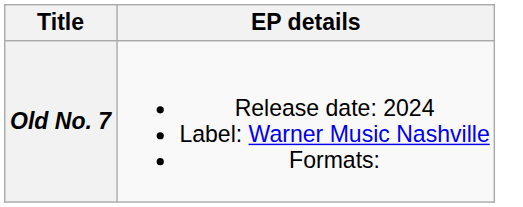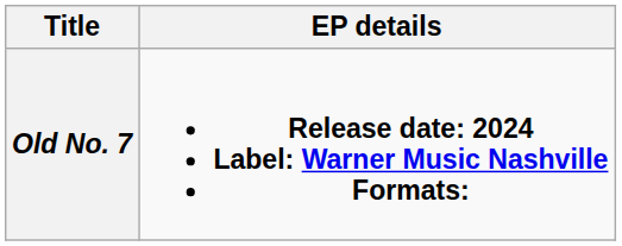 <table class="wikitable plainrowheaders" style="text-align:center;">
 <tr>
 <th scope="col">Title</th>
 <th scope="col">EP details</th>
 </tr>
 <tr>
 <th scope="row"><em>Old No. 7</em></th>
-<td><br><ul><li>Release date: 2024</li><li>Label: <a href='#'>Warner Music Nashville</a></li><li>Formats:</li></ul></td>
+<td><strong><br><ul><li>Release date: 2024</li><li>Label: <a href='#'>Warner Music Nashville</a></li><li>Formats:</li></ul></strong></td>
 </tr>
 </table>
